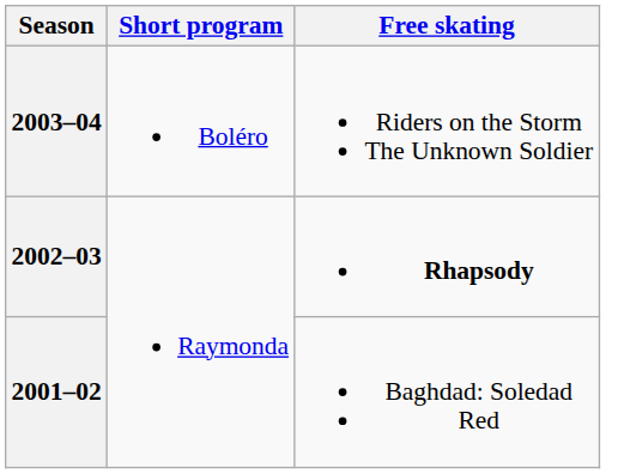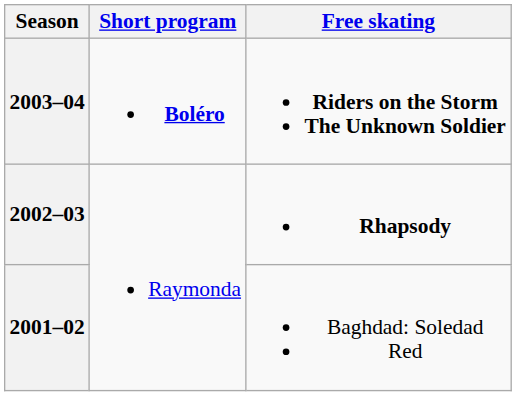 <table class=wikitable style=text-align:center>
 <tr>
 <th>Season</th>
 <th><a href='#'>Short program</a></th>
 <th><a href='#'>Free skating</a></th>
 </tr>
 <tr>
 <th>2003–04 <br> </th>
-<td><br><ul><li><a href='#'>Boléro</a> <br></li></ul></td>
-<td><br><ul><li>Riders on the Storm <br></li><li>The Unknown Soldier <br></li></ul></td>
+<td><strong><br><ul><li><a href='#'>Boléro</a> <br></li></ul></strong></td>
+<td><strong><br><ul><li>Riders on the Storm <br></li><li>The Unknown Soldier <br></li></ul></strong></td>
 </tr>
 <tr>
 <th>2002–03 <br> </th>
 <td rowspan=2><br><ul><li><a href='#'>Raymonda</a> <br></li></ul></td>
 <td><strong><br><ul><li>Rhapsody <br></li></ul></strong></td>
 </tr>
 <tr>
 <th>2001–02 <br> </th>
 <td><br><ul><li>Baghdad: Soledad <br></li><li>Red <br></li></ul></td>
 </tr>
 </table>
